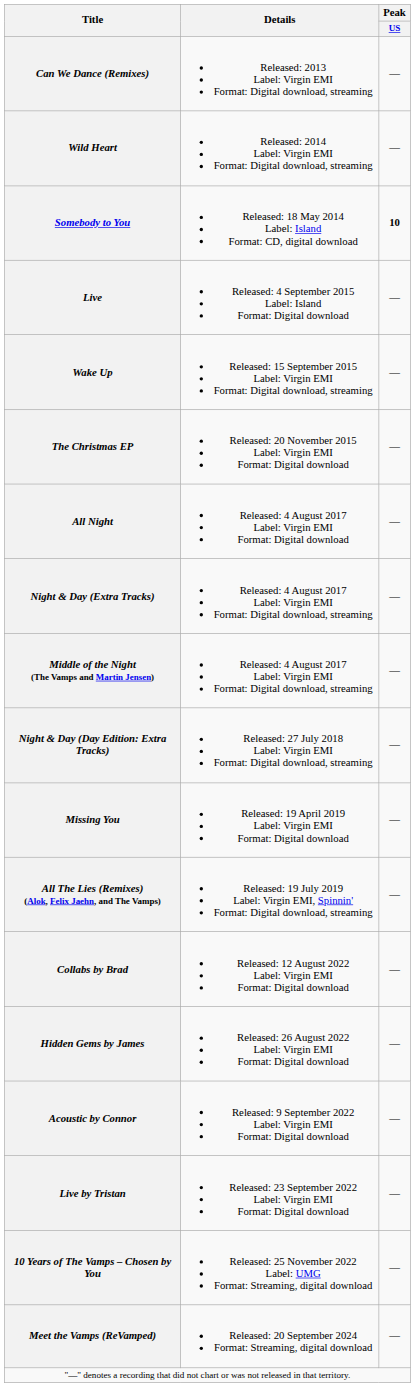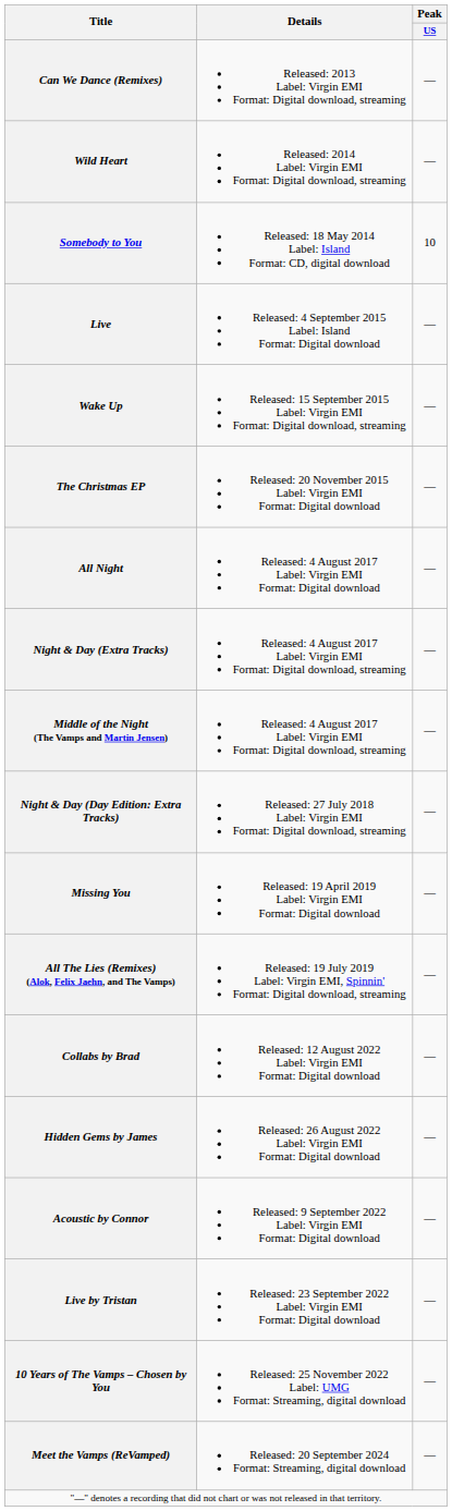 <table class="wikitable plainrowheaders" style="text-align:center;">
 <tr>
 <th scope="col" rowspan="2" style="width:16em;">Title</th>
 <th scope="col" rowspan="2" style="width:18em;">Details</th>
 <th scope="col">Peak</th>
 </tr>
 <tr>
 <th scope="col" style="width:3em;font-size:85%;"><a href='#'>US</a><br></th>
 </tr>
 <tr>
 <th scope="row"><em>Can We Dance (Remixes)</em></th>
 <td><br><ul><li>Released: 2013</li><li>Label: Virgin EMI</li><li>Format: Digital download, streaming</li></ul></td>
 <td>—</td>
 </tr>
 <tr>
 <th scope="row"><em>Wild Heart</em></th>
 <td><br><ul><li>Released: 2014</li><li>Label: Virgin EMI</li><li>Format: Digital download, streaming</li></ul></td>
 <td>—</td>
 </tr>
 <tr>
 <th scope="row"><em><a href='#'>Somebody to You</a></em></th>
 <td><br><ul><li>Released: 18 May 2014</li><li>Label: <a href='#'>Island</a></li><li>Format: CD, digital download</li></ul></td>
-<td><strong>10</strong></td>
+<td>10</td>
 </tr>
 <tr>
 <th scope="row"><em>Live</em></th>
 <td><br><ul><li>Released: 4 September 2015</li><li>Label: Island</li><li>Format: Digital download</li></ul></td>
 <td>—</td>
 </tr>
 <tr>
 <th scope="row"><em>Wake Up</em></th>
 <td><br><ul><li>Released: 15 September 2015</li><li>Label: Virgin EMI</li><li>Format: Digital download, streaming</li></ul></td>
 <td>—</td>
 </tr>
 <tr>
 <th scope="row"><em>The Christmas EP</em></th>
 <td><br><ul><li>Released: 20 November 2015</li><li>Label: Virgin EMI</li><li>Format: Digital download</li></ul></td>
 <td>—</td>
 </tr>
 <tr>
 <th scope="row"><em>All Night</em></th>
 <td><br><ul><li>Released: 4 August 2017</li><li>Label: Virgin EMI</li><li>Format: Digital download</li></ul></td>
 <td>—</td>
 </tr>
 <tr>
 <th scope="row"><em>Night & Day (Extra Tracks)</em></th>
 <td><br><ul><li>Released: 4 August 2017</li><li>Label: Virgin EMI</li><li>Format: Digital download, streaming</li></ul></td>
 <td>—</td>
 </tr>
 <tr>
 <th scope="row"><em>Middle of the Night</em><br><small>(The Vamps and <a href='#'>Martin Jensen</a>)</small></th>
 <td><br><ul><li>Released: 4 August 2017</li><li>Label: Virgin EMI</li><li>Format: Digital download, streaming</li></ul></td>
 <td>—</td>
 </tr>
 <tr>
 <th scope="row"><em>Night & Day (Day Edition: Extra Tracks)</em></th>
 <td><br><ul><li>Released: 27 July 2018</li><li>Label: Virgin EMI</li><li>Format: Digital download, streaming</li></ul></td>
 <td>—</td>
 </tr>
 <tr>
 <th scope="row"><em>Missing You</em></th>
 <td><br><ul><li>Released: 19 April 2019</li><li>Label: Virgin EMI</li><li>Format: Digital download</li></ul></td>
 <td>—</td>
 </tr>
 <tr>
 <th scope="row"><em>All The Lies (Remixes)</em><br><small>(<a href='#'>Alok</a>, <a href='#'>Felix Jaehn</a>, and The Vamps)</small></th>
 <td><br><ul><li>Released: 19 July 2019</li><li>Label: Virgin EMI, <a href='#'>Spinnin'</a></li><li>Format: Digital download, streaming</li></ul></td>
 <td>—</td>
 </tr>
 <tr>
 <th scope="row"><em>Collabs by Brad</em></th>
 <td><br><ul><li>Released: 12 August 2022</li><li>Label: Virgin EMI</li><li>Format: Digital download</li></ul></td>
 <td>—</td>
 </tr>
 <tr>
 <th scope="row"><em>Hidden Gems by James</em></th>
 <td><br><ul><li>Released: 26 August 2022</li><li>Label: Virgin EMI</li><li>Format: Digital download</li></ul></td>
 <td>—</td>
 </tr>
 <tr>
 <th scope="row"><em>Acoustic by Connor</em></th>
 <td><br><ul><li>Released: 9 September 2022</li><li>Label: Virgin EMI</li><li>Format: Digital download</li></ul></td>
 <td>—</td>
 </tr>
 <tr>
 <th scope="row"><em>Live by Tristan</em></th>
 <td><br><ul><li>Released: 23 September 2022</li><li>Label: Virgin EMI</li><li>Format: Digital download</li></ul></td>
 <td>—</td>
 </tr>
 <tr>
 <th scope="row"><em>10 Years of The Vamps – Chosen by You</em></th>
 <td><br><ul><li>Released: 25 November 2022</li><li>Label: <a href='#'>UMG</a></li><li>Format: Streaming, digital download</li></ul></td>
 <td>—</td>
 </tr>
 <tr>
 <th scope="row"><em>Meet the Vamps (ReVamped)</em></th>
 <td><br><ul><li>Released: 20 September 2024</li><li>Format: Streaming, digital download</li></ul></td>
 <td>—</td>
 </tr>
 <tr>
 <td colspan="20" style="text-align:center; font-size:85%;">"—" denotes a recording that did not chart or was not released in that territory.</td>
 </tr>
 </table>
